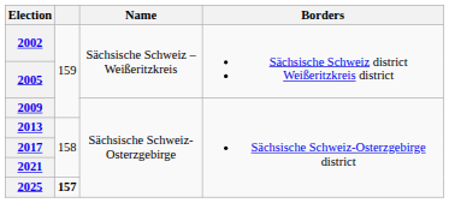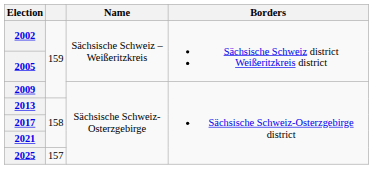 <table class=wikitable style="text-align:center">
 <tr>
 <th>Election</th>
 <th></th>
 <th width=150px>Name</th>
 <th width=300px>Borders</th>
 </tr>
 <tr>
 <th><a href='#'>2002</a></th>
 <td rowspan=3>159</td>
 <td rowspan=2>Sächsische Schweiz – Weißeritzkreis</td>
 <td rowspan=2><br><ul><li><a href='#'>Sächsische Schweiz</a> district</li><li><a href='#'>Weißeritzkreis</a> district</li></ul></td>
 </tr>
 <tr>
 <th><a href='#'>2005</a></th>
 </tr>
 <tr>
 <th><a href='#'>2009</a></th>
 <td rowspan=5>Sächsische Schweiz-Osterzgebirge</td>
 <td rowspan=5><br><ul><li><a href='#'>Sächsische Schweiz-Osterzgebirge</a> district</li></ul></td>
 </tr>
 <tr>
 <th><a href='#'>2013</a></th>
 <td rowspan=3>158</td>
 </tr>
 <tr>
 <th><a href='#'>2017</a></th>
 </tr>
 <tr>
 <th><a href='#'>2021</a></th>
 </tr>
 <tr>
 <th><a href='#'>2025</a></th>
-<td><strong>157</strong></td>
+<td>157</td>
 </tr>
 </table>
